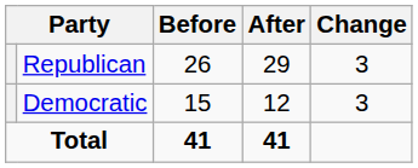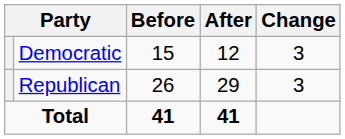 <table class="wikitable" style="text-align:center;">
 <tr>
 <th colspan="2">Party</th>
 <th>Before</th>
 <th>After</th>
 <th>Change</th>
 </tr>
 <tr>
 <th style="background-color:"></th>
-<td style="text-align:left;"><a href='#'>Republican</a></td>
-<td>26</td>
-<td>29</td>
+<td style="text-align:left;"><a href='#'>Democratic</a></td>
+<td>15</td>
+<td>12</td>
 <td> 3</td>
 </tr>
 <tr>
 <th style="background-color:"></th>
-<td style="text-align:left;"><a href='#'>Democratic</a></td>
-<td>15</td>
-<td>12</td>
+<td style="text-align:left;"><a href='#'>Republican</a></td>
+<td>26</td>
+<td>29</td>
 <td> 3</td>
 </tr>
 <tr>
 <td colspan="2"><strong>Total</strong></td>
 <td><strong>41</strong></td>
 <td><strong>41</strong></td>
 <td></td>
 </tr>
 </table>
